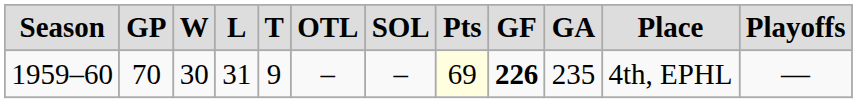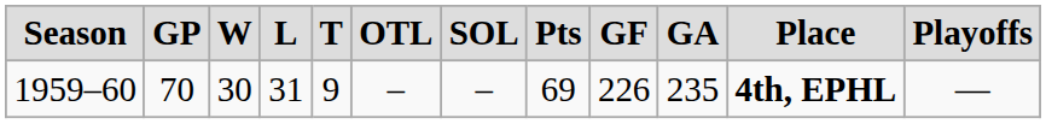 <table class="wikitable">
 <tr style="font-weight:bold; background:#DDDDDD;" align="center" |>
 <td>Season</td>
 <td>GP</td>
 <td>W</td>
 <td>L</td>
 <td>T</td>
 <td>OTL</td>
 <td>SOL</td>
 <td>Pts</td>
 <td>GF</td>
 <td>GA</td>
 <td>Place</td>
 <td>Playoffs</td>
 </tr>
 <tr align="center">
 <td>1959–60</td>
 <td>70</td>
 <td>30</td>
 <td>31</td>
 <td>9</td>
 <td>–</td>
 <td>–</td>
-<td style="background: lightyellow;">69</td>
-<td><strong>226</strong></td>
+<td>69</td>
+<td>226</td>
 <td>235</td>
-<td align="left">4th, EPHL</td>
+<td align="left"><strong>4th, EPHL</strong></td>
 <td>—</td>
 </tr>
 </table>
